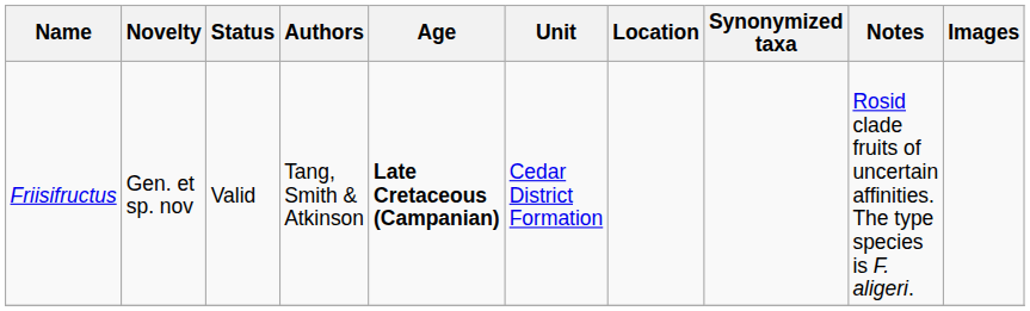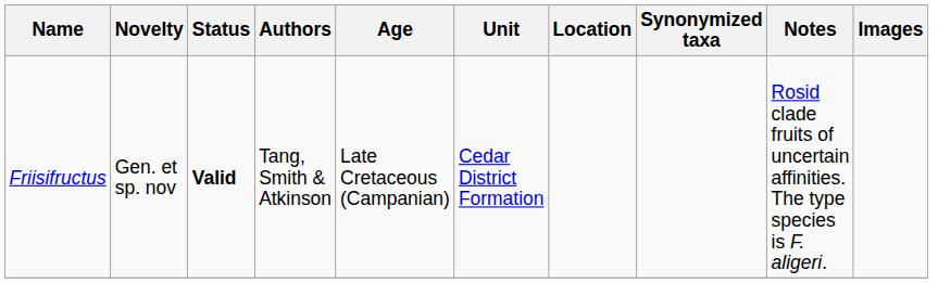 <table class="wikitable sortable" align="center" width="100%">
 <tr>
 <th>Name</th>
 <th>Novelty</th>
 <th>Status</th>
 <th>Authors</th>
 <th>Age</th>
 <th>Unit</th>
 <th>Location</th>
 <th>Synonymized taxa</th>
 <th>Notes</th>
 <th>Images</th>
 </tr>
 <tr>
 <td><br><em><a href='#'>Friisifructus</a></em></td>
 <td><br>Gen. et sp. nov</td>
-<td><br>Valid</td>
+<td><strong><br>Valid</strong></td>
 <td><br>Tang, Smith & Atkinson</td>
-<td><strong><br>Late Cretaceous<br>(Campanian)</strong></td>
+<td><br>Late Cretaceous<br>(Campanian)</td>
 <td><br><a href='#'>Cedar District Formation</a></td>
 <td><br><br></td>
 <td></td>
 <td><br><a href='#'>Rosid</a> clade fruits of uncertain affinities.<br>The type species is <em>F. aligeri</em>.</td>
 <td></td>
 </tr>
 <tr>
 </tr>
 </table>
